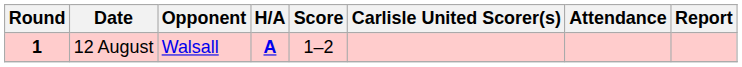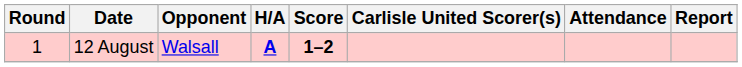 <table class="wikitable" style="text-align:center">
 <tr>
 <th>Round</th>
 <th>Date</th>
 <th>Opponent</th>
 <th>H/A</th>
 <th>Score</th>
 <th>Carlisle United Scorer(s)</th>
 <th>Attendance</th>
 <th>Report</th>
 </tr>
 <tr bgcolor=#FFCCCC>
-<td><strong>1</strong></td>
+<td>1</td>
 <td align=left>12 August</td>
 <td align=left><a href='#'>Walsall</a></td>
 <td><strong><a href='#'>A</a></strong></td>
-<td>1–2</td>
+<td><strong>1–2</strong></td>
 <td align=left></td>
 <td></td>
 <td></td>
 </tr>
 <tr>
 </tr>
 </table>
